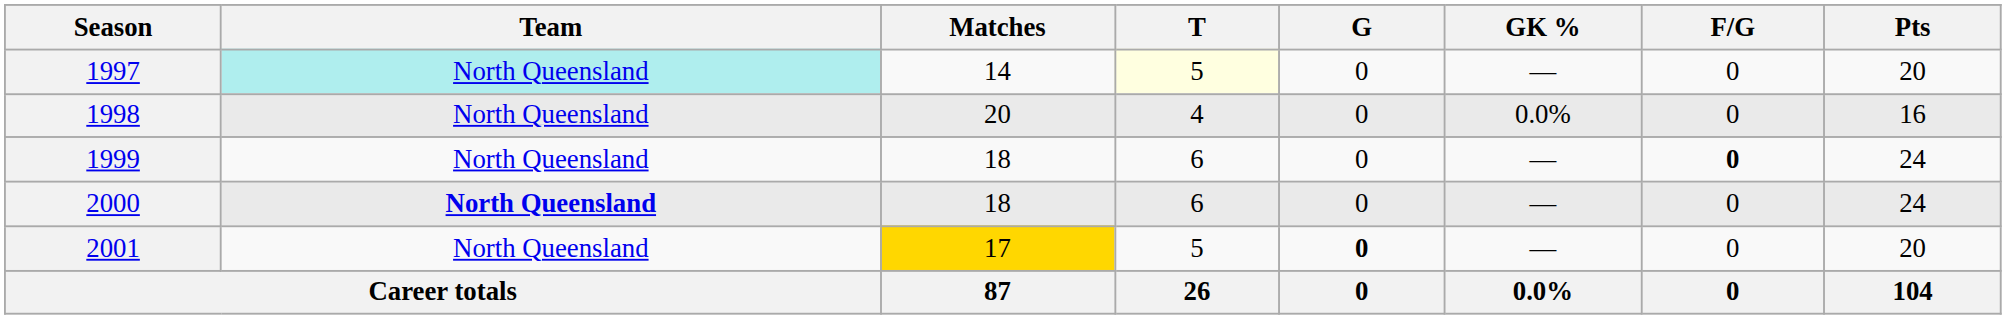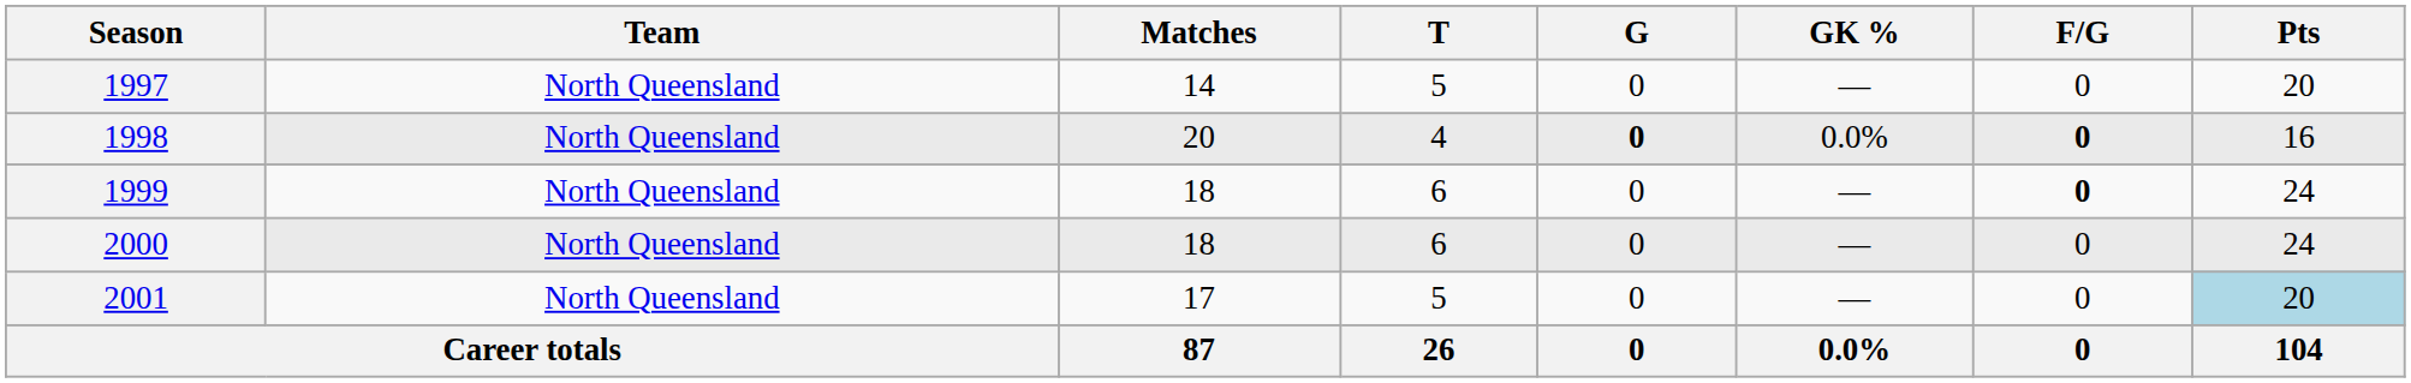 <table class="wikitable sortable"  style="font-size:90%; text-align:center; width:85%;">
 <tr>
 <th width=2%>Season</th>
 <th width=8%>Team</th>
 <th width=2%>Matches</th>
 <th width=2%>T</th>
 <th width=2%>G</th>
 <th width=2%>GK %</th>
 <th width=2%>F/G</th>
 <th width=2%>Pts</th>
 </tr>
 <tr>
 <th scope="row" style="text-align:center; font-weight:normal"><a href='#'>1997</a></th>
-<td style="background: paleturquoise; text-align:center;">  <a href='#'>North Queensland</a></td>
+<td style="text-align:center;">  <a href='#'>North Queensland</a></td>
 <td>14</td>
-<td style="background: lightyellow;">5</td>
+<td>5</td>
 <td>0</td>
 <td>—</td>
 <td>0</td>
 <td>20</td>
 </tr>
 <tr style="background:#eaeaea;">
 <th scope="row" style="text-align:center; font-weight:normal"><a href='#'>1998</a></th>
 <td style="text-align:center;"> <a href='#'>North Queensland</a></td>
 <td>20</td>
 <td>4</td>
-<td>0</td>
+<td><strong>0</strong></td>
 <td>0.0%</td>
-<td>0</td>
+<td><strong>0</strong></td>
 <td>16</td>
 </tr>
 <tr>
 <th scope="row" style="text-align:center; font-weight:normal"><a href='#'>1999</a></th>
 <td style="text-align:center;"> <a href='#'>North Queensland</a></td>
 <td>18</td>
 <td>6</td>
 <td>0</td>
 <td>—</td>
 <td><strong>0</strong></td>
 <td>24</td>
 </tr>
 <tr style="background:#eaeaea;">
 <th scope="row" style="text-align:center; font-weight:normal"><a href='#'>2000</a></th>
-<td style="text-align:center;"><strong> <a href='#'>North Queensland</a></strong></td>
+<td style="text-align:center;"> <a href='#'>North Queensland</a></td>
 <td>18</td>
 <td>6</td>
 <td>0</td>
 <td>—</td>
 <td>0</td>
 <td>24</td>
 </tr>
 <tr>
 <th scope="row" style="text-align:center; font-weight:normal"><a href='#'>2001</a></th>
 <td style="text-align:center;"> <a href='#'>North Queensland</a></td>
-<td style="background: gold;">17</td>
+<td>17</td>
 <td>5</td>
-<td><strong>0</strong></td>
+<td>0</td>
 <td>—</td>
 <td>0</td>
-<td>20</td>
+<td style="background: lightblue;">20</td>
 </tr>
 <tr class="sortbottom">
 <th colspan=2>Career totals</th>
 <th>87</th>
 <th>26</th>
 <th>0</th>
 <th>0.0%</th>
 <th>0</th>
 <th>104</th>
 </tr>
 </table>
